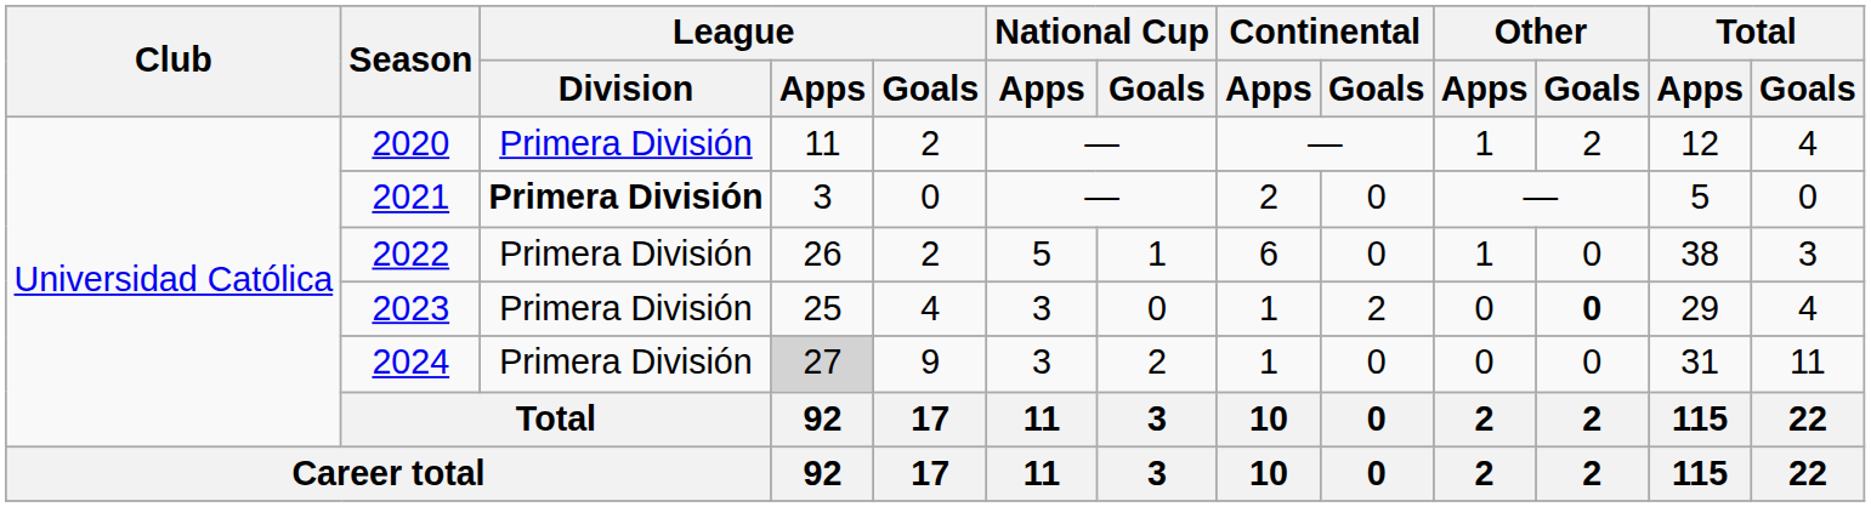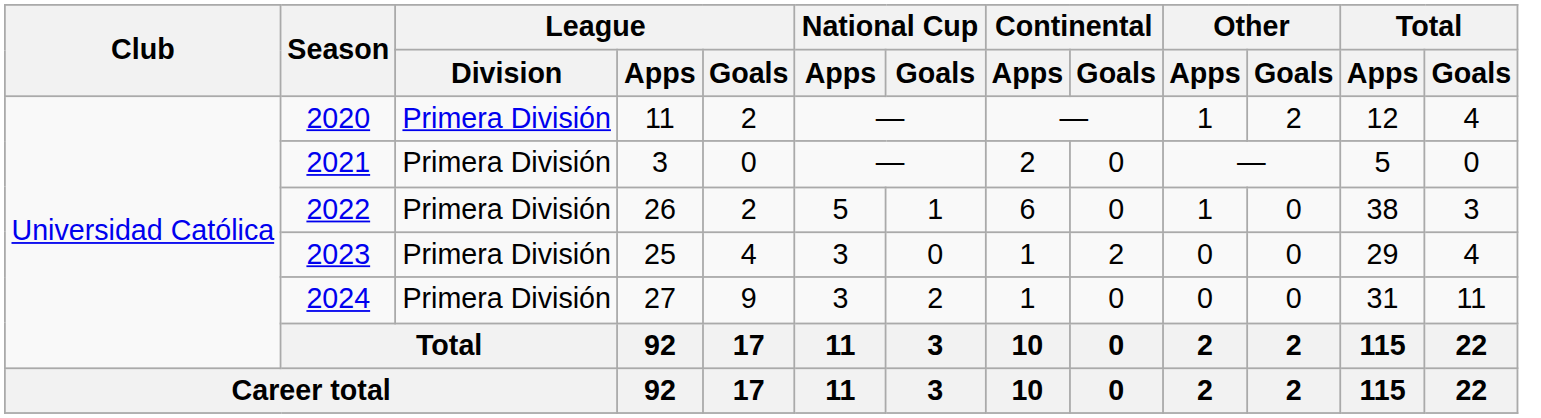 <table class="wikitable" style="text-align: center;">
 <tr>
 <th rowspan="2">Club</th>
 <th rowspan="2">Season</th>
 <th colspan="3">League</th>
 <th colspan="2">National Cup</th>
 <th colspan="2">Continental</th>
 <th colspan="2">Other</th>
 <th colspan="2">Total</th>
 </tr>
 <tr>
 <th>Division</th>
 <th>Apps</th>
 <th>Goals</th>
 <th>Apps</th>
 <th>Goals</th>
 <th>Apps</th>
 <th>Goals</th>
 <th>Apps</th>
 <th>Goals</th>
 <th>Apps</th>
 <th>Goals</th>
 </tr>
 <tr>
 <td valign="center" rowspan="6"><a href='#'>Universidad Católica</a></td>
 <td><a href='#'>2020</a></td>
 <td><a href='#'>Primera División</a></td>
 <td>11</td>
 <td>2</td>
 <td colspan=2>—</td>
 <td colspan="2">—</td>
 <td>1</td>
 <td>2</td>
 <td>12</td>
 <td>4</td>
 </tr>
 <tr>
 <td><a href='#'>2021</a></td>
-<td><strong>Primera División</strong></td>
+<td>Primera División</td>
 <td>3</td>
 <td>0</td>
 <td colspan=2>—</td>
 <td>2</td>
 <td>0</td>
 <td colspan=2>—</td>
 <td>5</td>
 <td>0</td>
 </tr>
 <tr>
 <td><a href='#'>2022</a></td>
 <td>Primera División</td>
 <td>26</td>
 <td>2</td>
 <td>5</td>
 <td>1</td>
 <td>6</td>
 <td>0</td>
 <td>1</td>
 <td>0</td>
 <td>38</td>
 <td>3</td>
 </tr>
 <tr>
 <td><a href='#'>2023</a></td>
 <td>Primera División</td>
 <td>25</td>
 <td>4</td>
 <td>3</td>
 <td>0</td>
 <td>1</td>
 <td>2</td>
 <td>0</td>
-<td><strong>0</strong></td>
+<td>0</td>
 <td>29</td>
 <td>4</td>
 </tr>
 <tr>
 <td><a href='#'>2024</a></td>
 <td>Primera División</td>
-<td style="background: lightgrey;">27</td>
+<td>27</td>
 <td>9</td>
 <td>3</td>
 <td>2</td>
 <td>1</td>
 <td>0</td>
 <td>0</td>
 <td>0</td>
 <td>31</td>
 <td>11</td>
 </tr>
 <tr>
 <th colspan="2">Total</th>
 <th>92</th>
 <th>17</th>
 <th>11</th>
 <th>3</th>
 <th>10</th>
 <th>0</th>
 <th>2</th>
 <th>2</th>
 <th>115</th>
 <th>22</th>
 </tr>
 <tr>
 <th colspan="3">Career total</th>
 <th>92</th>
 <th>17</th>
 <th>11</th>
 <th>3</th>
 <th>10</th>
 <th>0</th>
 <th>2</th>
 <th>2</th>
 <th>115</th>
 <th>22</th>
 </tr>
 </table>
